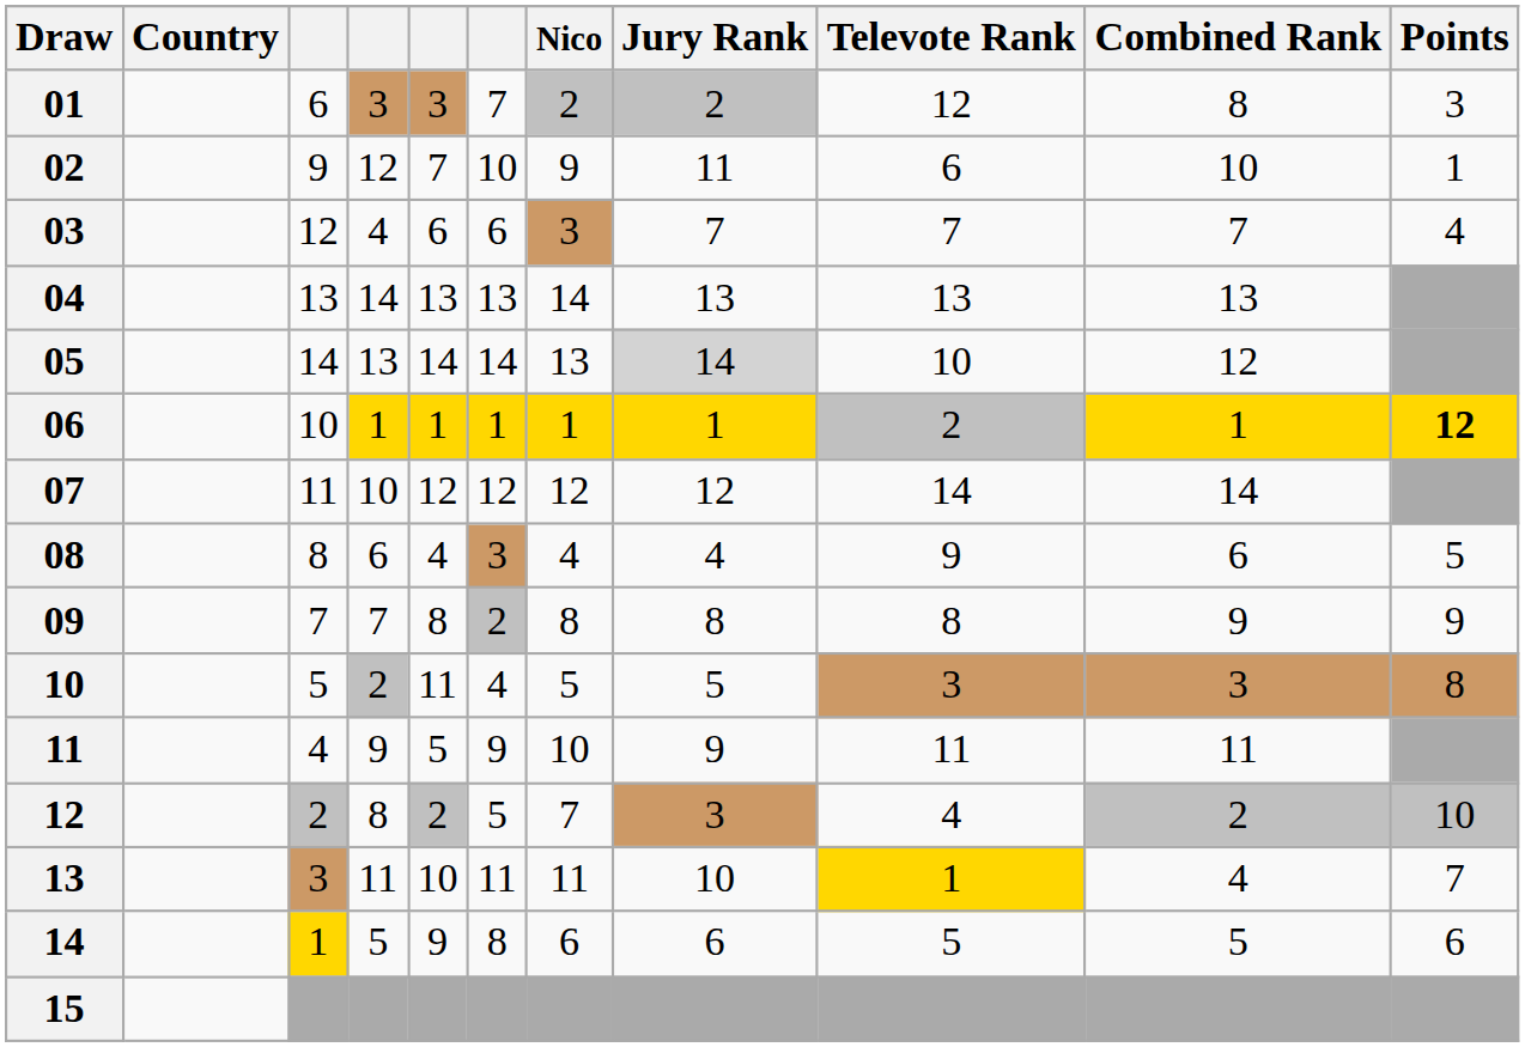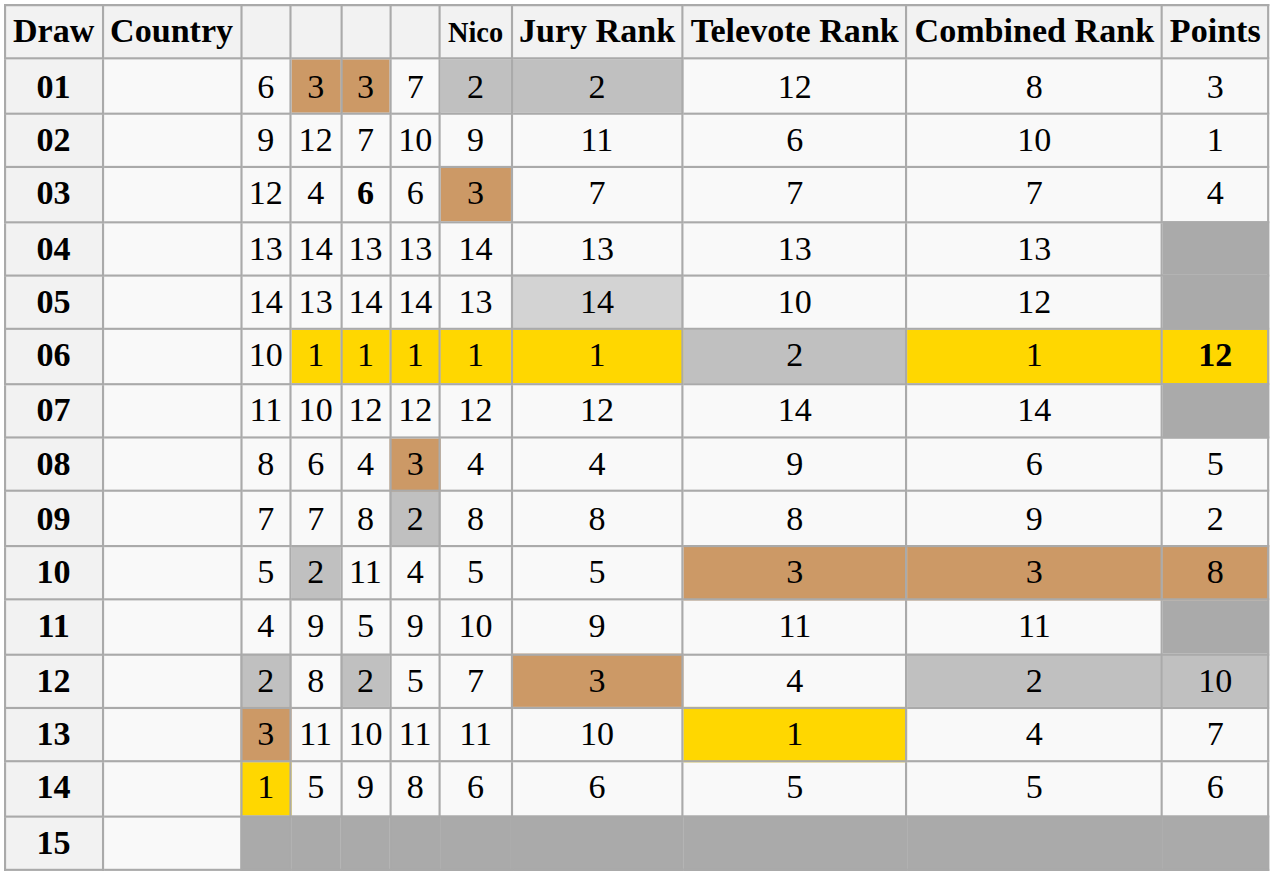 <table class="sortable wikitable collapsible plainrowheaders" style="text-align:center;">
 <tr>
 </tr>
 <tr>
 <th scope="col">Draw</th>
 <th scope="col">Country</th>
 <th scope="col"><small></small></th>
 <th scope="col"><small></small></th>
 <th scope="col"><small></small></th>
 <th scope="col"><small></small></th>
 <th scope="col"><small>Nico</small></th>
 <th scope="col">Jury Rank</th>
 <th scope="col">Televote Rank</th>
 <th scope="col">Combined Rank</th>
 <th scope="col">Points</th>
 </tr>
 <tr>
 <th scope="row" style="text-align:center;">01</th>
 <td style="text-align:left;"></td>
 <td>6</td>
 <td style="background:#CC9966;">3</td>
 <td style="background:#CC9966;">3</td>
 <td>7</td>
 <td style="background:silver;">2</td>
 <td style="background:silver;">2</td>
 <td>12</td>
 <td>8</td>
 <td>3</td>
 </tr>
 <tr>
 <th scope="row" style="text-align:center;">02</th>
 <td style="text-align:left;"></td>
 <td>9</td>
 <td>12</td>
 <td>7</td>
 <td>10</td>
 <td>9</td>
 <td>11</td>
 <td>6</td>
 <td>10</td>
 <td>1</td>
 </tr>
 <tr>
 <th scope="row" style="text-align:center;">03</th>
 <td style="text-align:left;"></td>
 <td>12</td>
 <td>4</td>
-<td>6</td>
+<td><strong>6</strong></td>
 <td>6</td>
 <td style="background:#CC9966;">3</td>
 <td>7</td>
 <td>7</td>
 <td>7</td>
 <td>4</td>
 </tr>
 <tr>
 <th scope="row" style="text-align:center;">04</th>
 <td style="text-align:left;"></td>
 <td>13</td>
 <td>14</td>
 <td>13</td>
 <td>13</td>
 <td>14</td>
 <td>13</td>
 <td>13</td>
 <td>13</td>
 <td style="background:#AAAAAA;"></td>
 </tr>
 <tr>
 <th scope="row" style="text-align:center;">05</th>
 <td style="text-align:left;"></td>
 <td>14</td>
 <td>13</td>
 <td>14</td>
 <td>14</td>
 <td>13</td>
 <td style="background: lightgrey;">14</td>
 <td>10</td>
 <td>12</td>
 <td style="background:#AAAAAA;"></td>
 </tr>
 <tr>
 <th scope="row" style="text-align:center;">06</th>
 <td style="text-align:left;"></td>
 <td>10</td>
 <td style="background:gold;">1</td>
 <td style="background:gold;">1</td>
 <td style="background:gold;">1</td>
 <td style="background:gold;">1</td>
 <td style="background:gold;">1</td>
 <td style="background:silver;">2</td>
 <td style="background:gold;">1</td>
 <td style="background:gold;"><strong>12</strong></td>
 </tr>
 <tr>
 <th scope="row" style="text-align:center;">07</th>
 <td style="text-align:left;"></td>
 <td>11</td>
 <td>10</td>
 <td>12</td>
 <td>12</td>
 <td>12</td>
 <td>12</td>
 <td>14</td>
 <td>14</td>
 <td style="background:#AAAAAA;"></td>
 </tr>
 <tr>
 <th scope="row" style="text-align:center;">08</th>
 <td style="text-align:left;"></td>
 <td>8</td>
 <td>6</td>
 <td>4</td>
 <td style="background:#CC9966;">3</td>
 <td>4</td>
 <td>4</td>
 <td>9</td>
 <td>6</td>
 <td>5</td>
 </tr>
 <tr>
 <th scope="row" style="text-align:center;">09</th>
 <td style="text-align:left;"></td>
 <td>7</td>
 <td>7</td>
 <td>8</td>
 <td style="background:silver;">2</td>
 <td>8</td>
 <td>8</td>
 <td>8</td>
 <td>9</td>
-<td>9</td>
+<td>2</td>
 </tr>
 <tr>
 <th scope="row" style="text-align:center;">10</th>
 <td style="text-align:left;"></td>
 <td>5</td>
 <td style="background:silver;">2</td>
 <td>11</td>
 <td>4</td>
 <td>5</td>
 <td>5</td>
 <td style="background:#CC9966;">3</td>
 <td style="background:#CC9966;">3</td>
 <td style="background:#CC9966;">8</td>
 </tr>
 <tr>
 <th scope="row" style="text-align:center;">11</th>
 <td style="text-align:left;"></td>
 <td>4</td>
 <td>9</td>
 <td>5</td>
 <td>9</td>
 <td>10</td>
 <td>9</td>
 <td>11</td>
 <td>11</td>
 <td style="background:#AAAAAA;"></td>
 </tr>
 <tr>
 <th scope="row" style="text-align:center;">12</th>
 <td style="text-align:left;"></td>
 <td style="background:silver;">2</td>
 <td>8</td>
 <td style="background:silver;">2</td>
 <td>5</td>
 <td>7</td>
 <td style="background:#CC9966;">3</td>
 <td>4</td>
 <td style="background:silver;">2</td>
 <td style="background:silver;">10</td>
 </tr>
 <tr>
 <th scope="row" style="text-align:center;">13</th>
 <td style="text-align:left;"></td>
 <td style="background:#CC9966;">3</td>
 <td>11</td>
 <td>10</td>
 <td>11</td>
 <td>11</td>
 <td>10</td>
 <td style="background:gold;">1</td>
 <td>4</td>
 <td>7</td>
 </tr>
 <tr>
 <th scope="row" style="text-align:center;">14</th>
 <td style="text-align:left;"></td>
 <td style="background:gold;">1</td>
 <td>5</td>
 <td>9</td>
 <td>8</td>
 <td>6</td>
 <td>6</td>
 <td>5</td>
 <td>5</td>
 <td>6</td>
 </tr>
 <tr class="sortbottom">
 <th scope="row" style="text-align:center;">15</th>
 <td style="text-align:left;"></td>
 <td style="background:#AAAAAA;"></td>
 <td style="background:#AAAAAA;"></td>
 <td style="background:#AAAAAA;"></td>
 <td style="background:#AAAAAA;"></td>
 <td style="background:#AAAAAA;"></td>
 <td style="background:#AAAAAA;"></td>
 <td style="background:#AAAAAA;"></td>
 <td style="background:#AAAAAA;"></td>
 <td style="background:#AAAAAA;"></td>
 </tr>
 </table>
